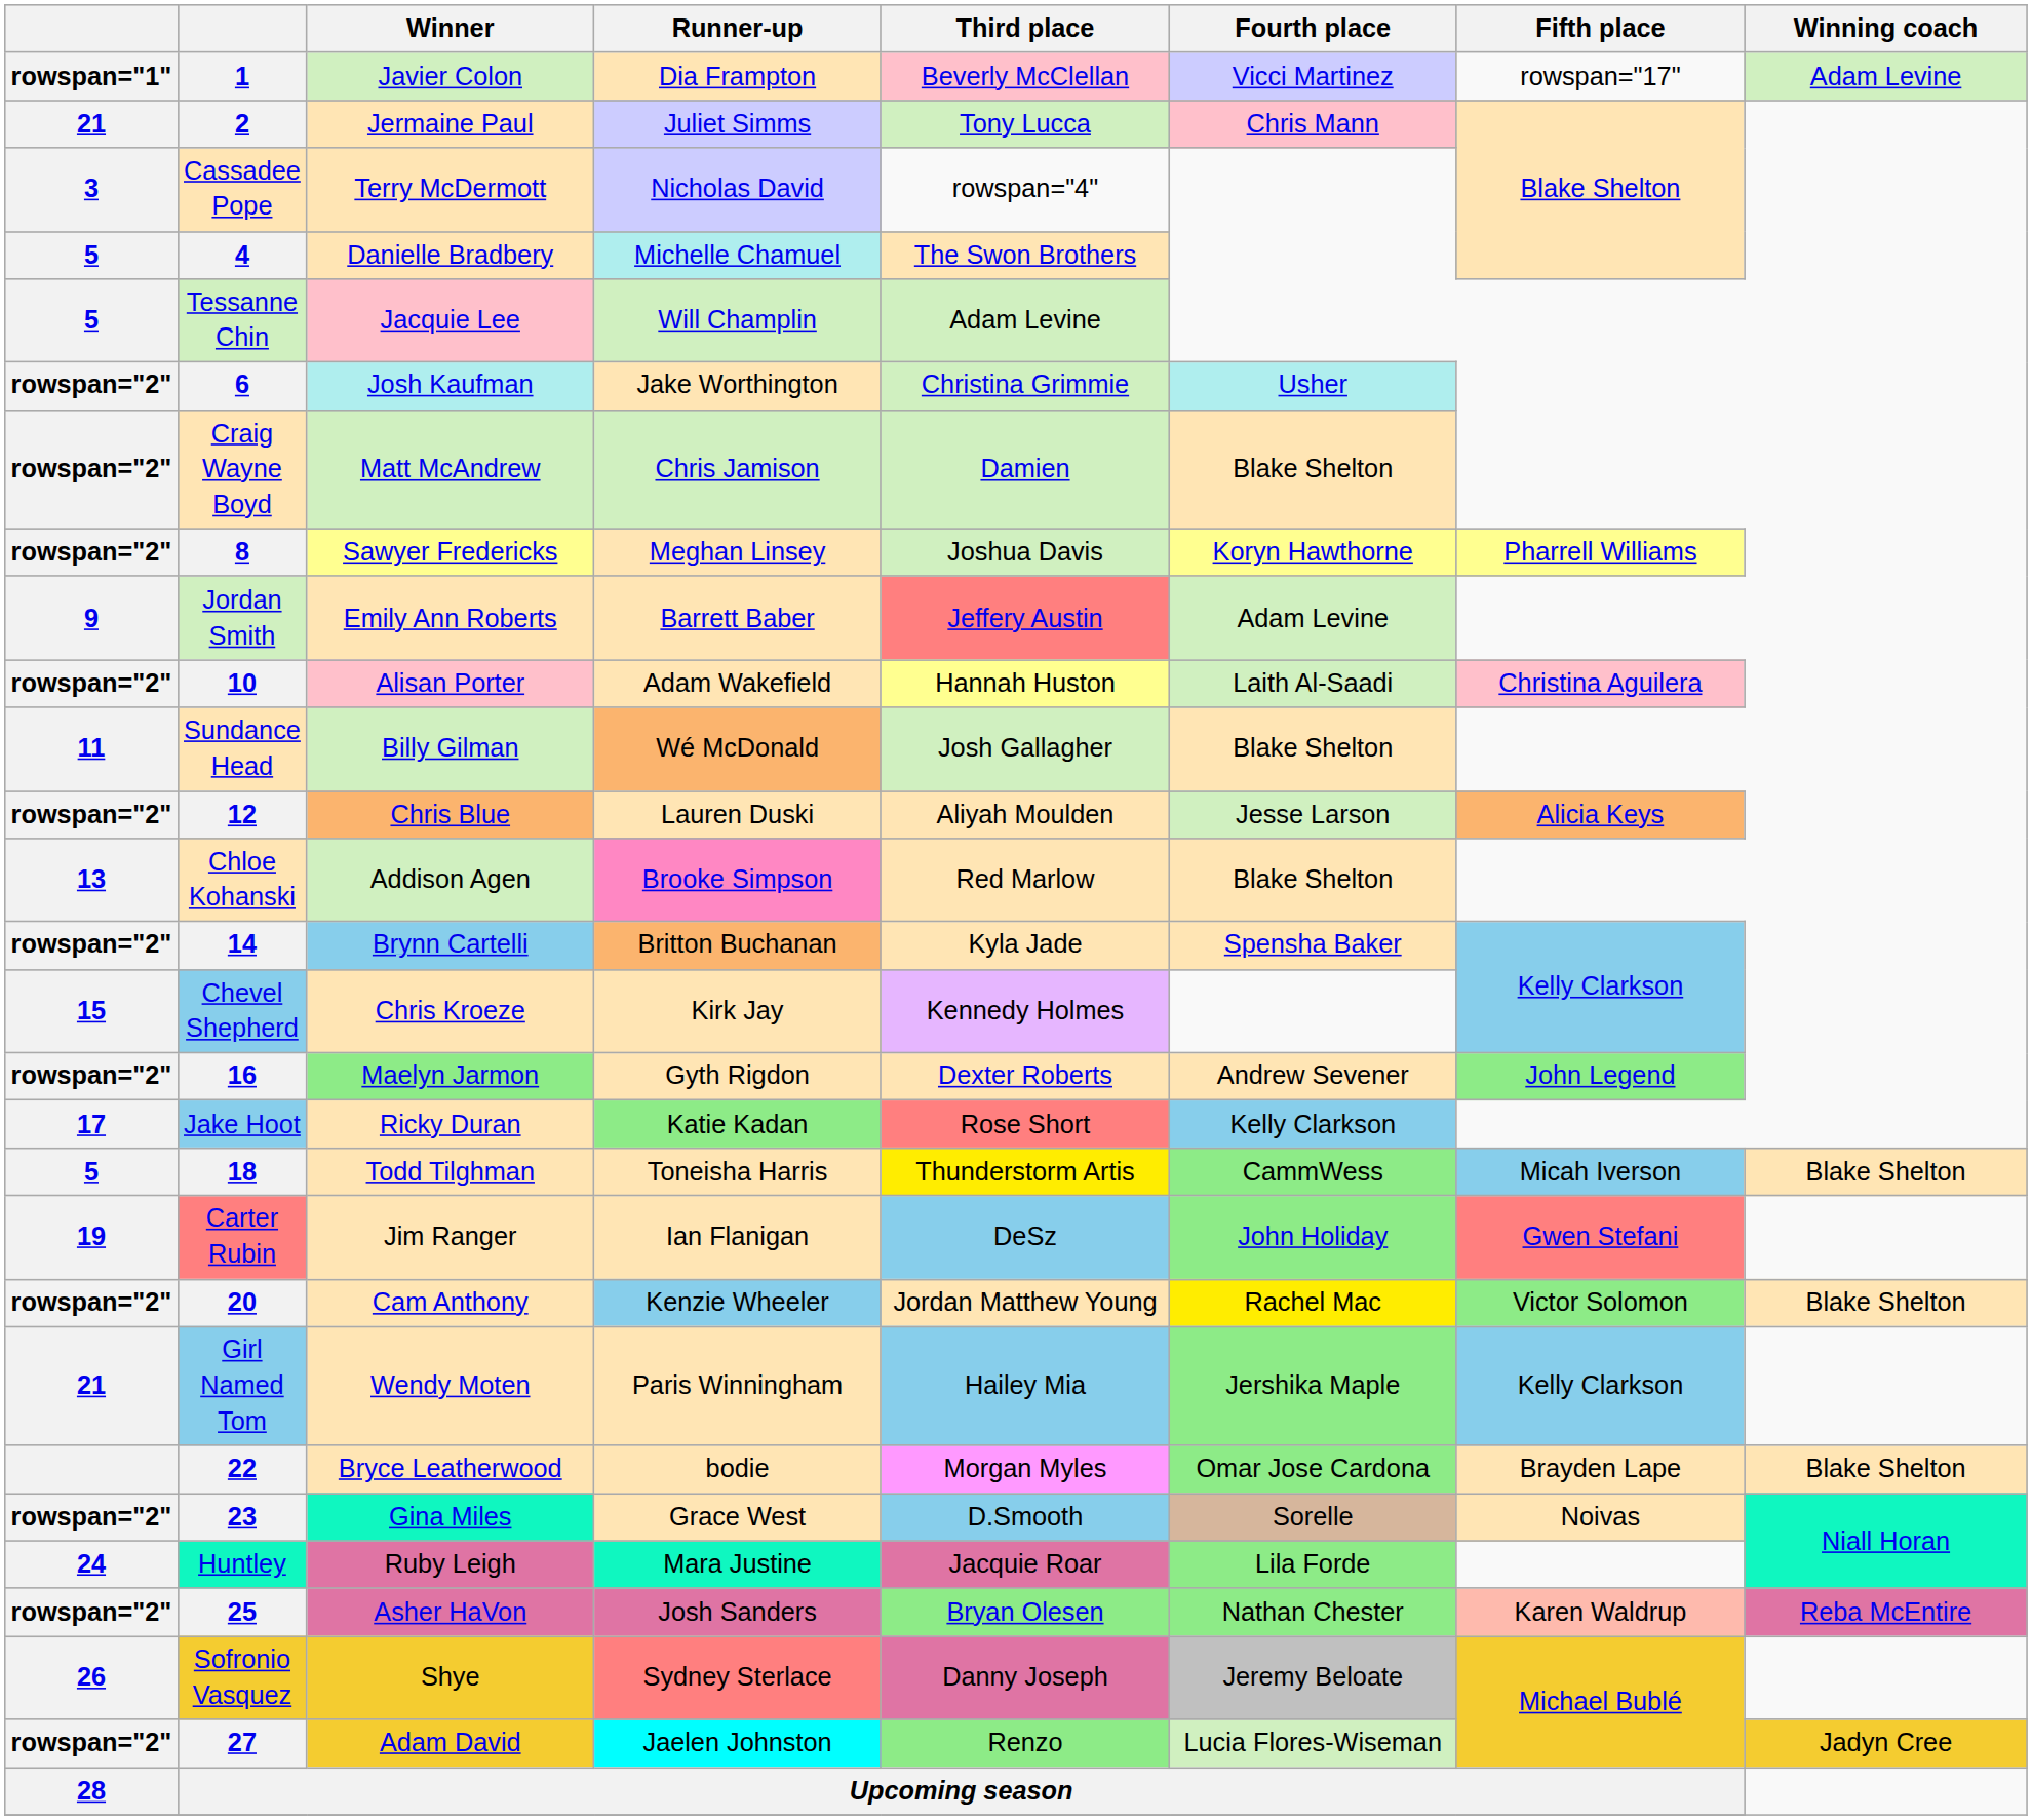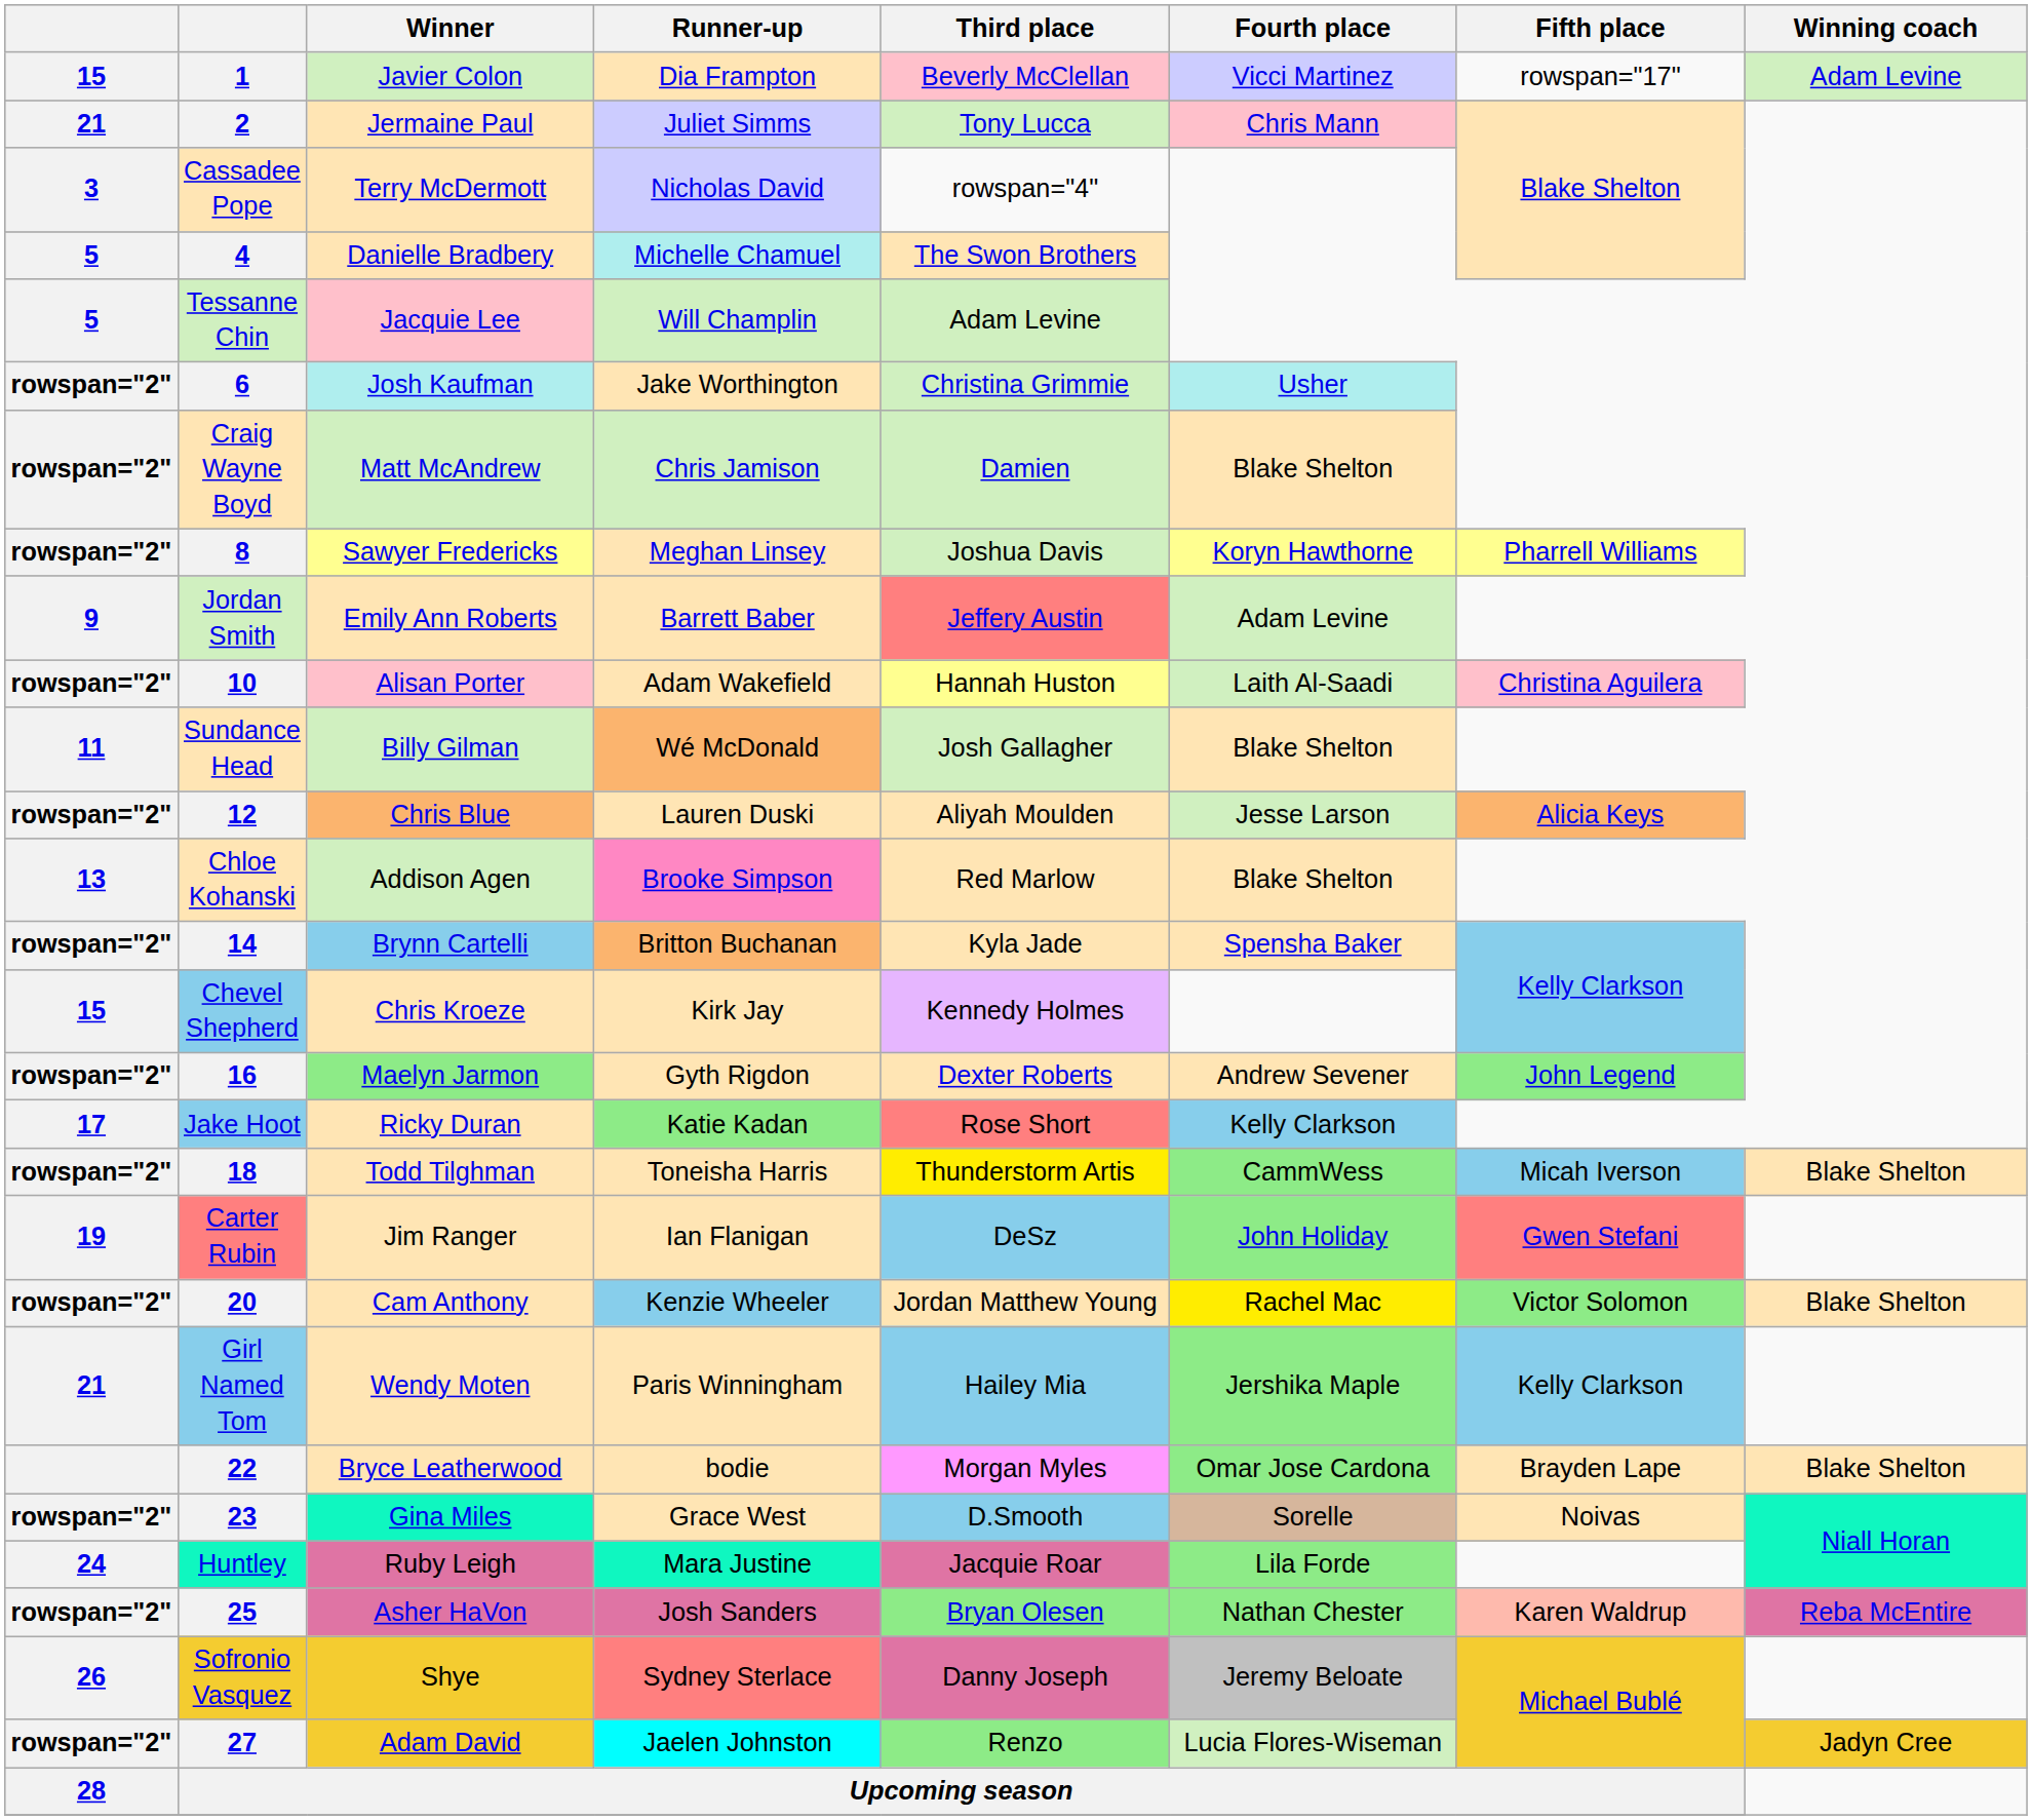 <table class="wikitable nowrap" style="text-align:center; font-size:100%; line-height:22px; width:auto%">
 <tr>
 <th scope="col" style="width:0.5%"></th>
 <th scope="col" style="width:0.5%"></th>
 <th scope="col" style="width:15%">Winner</th>
 <th scope="col" style="width:15%">Runner-up</th>
 <th scope="col" style="width:15%">Third place</th>
 <th scope="col" style="width:15%">Fourth place</th>
 <th scope="col" style="width:15%">Fifth place</th>
 <th scope="col" style="width:15%">Winning coach</th>
 </tr>
 <tr>
-<th>rowspan="1" </th>
+<th><a href='#'>15</a></th>
 <th rowspan="1" scope="row"><a href='#'>1</a></th>
 <td style="background:#d0f0c0"><a href='#'>Javier Colon</a></td>
 <td style="background:#ffe5b4"><a href='#'>Dia Frampton</a></td>
 <td style="background:pink"><a href='#'>Beverly McClellan</a></td>
 <td style="background:#ccccff;"><a href='#'>Vicci Martinez</a></td>
 <td>rowspan="17" </td>
 <td style="background:#d0f0c0"><a href='#'>Adam Levine</a></td>
 </tr>
 <tr>
 <th><a href='#'>21</a></th>
 <th scope="row"><a href='#'>2</a></th>
 <td style="background:#ffe5b4"><a href='#'>Jermaine Paul</a></td>
 <td style="background:#ccccff"><a href='#'>Juliet Simms</a></td>
 <td style="background:#d0f0c0"><a href='#'>Tony Lucca</a></td>
 <td style="background: pink"><a href='#'>Chris Mann</a></td>
 <td rowspan="3" style="background:#FFE5B4"><a href='#'>Blake Shelton</a></td>
 </tr>
 <tr>
 <th scope="row"><a href='#'>3</a></th>
 <td style="background:#ffe5b4"><a href='#'>Cassadee Pope</a></td>
 <td style="background:#ffe5b4"><a href='#'>Terry McDermott</a></td>
 <td style="background:#ccccff"><a href='#'>Nicholas David</a></td>
 <td>rowspan="4" </td>
 </tr>
 <tr>
 <th scope="row"><a href='#'>5</a></th>
 <th scope="row"><a href='#'>4</a></th>
 <td style="background:#ffe5b4"><a href='#'>Danielle Bradbery</a></td>
 <td style="background:#afeeee"><a href='#'>Michelle Chamuel</a></td>
 <td style="background:#ffe5b4"><a href='#'>The Swon Brothers</a></td>
 </tr>
 <tr>
 <th scope="row"><a href='#'>5</a></th>
 <td style="background:#d0f0c0"><a href='#'>Tessanne Chin</a></td>
 <td style="background: pink"><a href='#'>Jacquie Lee</a></td>
 <td style="background:#d0f0c0"><a href='#'>Will Champlin</a></td>
 <td style="background:#d0f0c0">Adam Levine</td>
 </tr>
 <tr>
 <th>rowspan="2" </th>
 <th scope="row"><a href='#'>6</a></th>
 <td style="background:#afeeee"><a href='#'>Josh Kaufman</a></td>
 <td style="background:#ffe5b4">Jake Worthington</td>
 <td style="background:#d0f0c0"><a href='#'>Christina Grimmie</a></td>
 <td style="background:#afeeee"><a href='#'>Usher</a></td>
 </tr>
 <tr>
 <th>rowspan="2" </th>
 <td style="background:#ffe5b4"><a href='#'>Craig Wayne Boyd</a></td>
 <td style="background:#d0f0c0"><a href='#'>Matt McAndrew</a></td>
 <td style="background:#d0f0c0"><a href='#'>Chris Jamison</a></td>
 <td style="background:#d0f0c0"><a href='#'>Damien</a></td>
 <td style="background:#ffe5b4">Blake Shelton</td>
 </tr>
 <tr>
 <th>rowspan="2" </th>
 <th scope="row"><a href='#'>8</a></th>
 <td style="background:#FFFF90"><a href='#'>Sawyer Fredericks</a></td>
 <td style="background:#ffe5b4"><a href='#'>Meghan Linsey</a></td>
 <td style="background:#d0f0c0">Joshua Davis</td>
 <td style="background:#FFFF90"><a href='#'>Koryn Hawthorne</a></td>
 <td style="background:#FFFF90"><a href='#'>Pharrell Williams</a></td>
 </tr>
 <tr>
 <th scope="row"><a href='#'>9</a></th>
 <td style="background:#d0f0c0"><a href='#'>Jordan Smith</a></td>
 <td style="background:#ffe5b4"><a href='#'>Emily Ann Roberts</a></td>
 <td style="background:#ffe5b4"><a href='#'>Barrett Baber</a></td>
 <td style="background:#FF7F7F"><a href='#'>Jeffery Austin</a></td>
 <td style="background:#d0f0c0">Adam Levine</td>
 </tr>
 <tr>
 <th>rowspan="2" </th>
 <th><a href='#'>10</a></th>
 <td style="background:pink"><a href='#'>Alisan Porter</a></td>
 <td style="background:#ffe5b4">Adam Wakefield</td>
 <td style="background:#FFFF90">Hannah Huston</td>
 <td style="background:#d0f0c0">Laith Al-Saadi</td>
 <td style="background:pink"><a href='#'>Christina Aguilera</a></td>
 </tr>
 <tr>
 <th><a href='#'>11</a></th>
 <td style="background:#ffe5b4"><a href='#'>Sundance Head</a></td>
 <td style="background:#d0f0c0"><a href='#'>Billy Gilman</a></td>
 <td style="background:#fbb46e">Wé McDonald</td>
 <td style="background:#d0f0c0">Josh Gallagher</td>
 <td style="background:#ffe5b4">Blake Shelton</td>
 </tr>
 <tr>
 <th>rowspan="2" </th>
 <th><a href='#'>12</a></th>
 <td style="background:#fbb46e"><a href='#'>Chris Blue</a></td>
 <td style="background:#ffe5b4">Lauren Duski</td>
 <td style="background:#ffe5b4">Aliyah Moulden</td>
 <td style="background:#d0f0c0">Jesse Larson</td>
 <td style="background:#fbb46e"><a href='#'>Alicia Keys</a></td>
 </tr>
 <tr>
 <th><a href='#'>13</a></th>
 <td style="background:#ffe5b4"><a href='#'>Chloe Kohanski</a></td>
 <td style="background:#d0f0c0">Addison Agen</td>
 <td style="background:#FF87C3"><a href='#'>Brooke Simpson</a></td>
 <td style="background:#ffe5b4">Red Marlow</td>
 <td style="background:#ffe5b4">Blake Shelton</td>
 </tr>
 <tr>
 <th>rowspan="2" </th>
 <th><a href='#'>14</a></th>
 <td style="background:#87ceeb"><a href='#'>Brynn Cartelli</a></td>
 <td style="background:#fbb46e">Britton Buchanan</td>
 <td style="background:#ffe5b4">Kyla Jade</td>
 <td style="background:#ffe5b4"><a href='#'>Spensha Baker</a></td>
 <td style="background:#87CEEB" rowspan="2"><a href='#'>Kelly Clarkson</a></td>
 </tr>
 <tr>
 <th><a href='#'>15</a></th>
 <td style="background:#87ceeb"><a href='#'>Chevel Shepherd</a></td>
 <td style="background:#ffe5b4"><a href='#'>Chris Kroeze</a></td>
 <td style="background:#ffe5b4">Kirk Jay</td>
 <td style="background:#E6B6FF">Kennedy Holmes</td>
 </tr>
 <tr>
 <th>rowspan="2" </th>
 <th><a href='#'>16</a></th>
 <td style="background:#8deb87"><a href='#'>Maelyn Jarmon</a></td>
 <td style="background:#ffe5b4">Gyth Rigdon</td>
 <td style="background:#ffe5b4"><a href='#'>Dexter Roberts</a></td>
 <td style="background:#ffe5b4">Andrew Sevener</td>
 <td style="background:#8deb87"><a href='#'>John Legend</a></td>
 </tr>
 <tr>
 <th><a href='#'>17</a></th>
 <td style="background:#87ceeb"><a href='#'>Jake Hoot</a></td>
 <td style="background:#ffe5b4"><a href='#'>Ricky Duran</a></td>
 <td style="background:#8deb87">Katie Kadan</td>
 <td style="background:#FF7F7F">Rose Short</td>
 <td style="background:#87ceeb">Kelly Clarkson</td>
 </tr>
 <tr>
-<th scope="row"><a href='#'>5</a></th>
+<th>rowspan="2" </th>
 <th><a href='#'>18</a></th>
 <td style="background:#ffe5b4"><a href='#'>Todd Tilghman</a></td>
 <td style="background:#ffe5b4">Toneisha Harris</td>
 <td style="background:#FFED00">Thunderstorm Artis</td>
 <td style="background:#8deb87">CammWess</td>
 <td style="background:#87ceeb">Micah Iverson</td>
 <td style="background:#ffe5b4">Blake Shelton</td>
 </tr>
 <tr>
 <th><a href='#'>19</a></th>
 <td style="background:#FF7F7F"><a href='#'>Carter Rubin</a></td>
 <td style="background:#ffe5b4">Jim Ranger</td>
 <td style="background:#ffe5b4">Ian Flanigan</td>
 <td style="background:#87ceeb">DeSz</td>
 <td style="background:#8deb87"><a href='#'>John Holiday</a></td>
 <td style="background:#FF7F7F"><a href='#'>Gwen Stefani</a></td>
 </tr>
 <tr>
 <th>rowspan="2" </th>
 <th><a href='#'>20</a></th>
 <td style="background:#ffe5b4"><a href='#'>Cam Anthony</a></td>
 <td style="background:#87ceeb">Kenzie Wheeler</td>
 <td style="background:#ffe5b4">Jordan Matthew Young</td>
 <td style="background:#FFED00">Rachel Mac</td>
 <td style="background:#8deb87">Victor Solomon</td>
 <td style="background:#ffe5b4">Blake Shelton</td>
 </tr>
 <tr>
 <th><a href='#'>21</a></th>
 <td style="background:#87ceeb"><a href='#'>Girl Named Tom</a></td>
 <td style="background:#ffe5b4"><a href='#'>Wendy Moten</a></td>
 <td style="background:#ffe5b4">Paris Winningham</td>
 <td style="background:#87ceeb">Hailey Mia</td>
 <td style="background:#8deb87">Jershika Maple</td>
 <td style="background:#87ceeb">Kelly Clarkson</td>
 </tr>
 <tr>
 <th></th>
 <th><a href='#'>22</a></th>
 <td style="background:#ffe5b4"><a href='#'>Bryce Leatherwood</a></td>
 <td style="background:#ffe5b4">bodie</td>
 <td style="background:#FF99FF">Morgan Myles</td>
 <td style="background:#8deb87">Omar Jose Cardona</td>
 <td style="background:#ffe5b4">Brayden Lape</td>
 <td style="background:#ffe5b4">Blake Shelton</td>
 </tr>
 <tr>
 <th>rowspan="2" </th>
 <th><a href='#'>23</a></th>
 <td style="background:#0ff7c0"><a href='#'>Gina Miles</a></td>
 <td style="background:#ffe5b4">Grace West</td>
 <td style="background:#87ceeb">D.Smooth</td>
 <td style="background:#d6b69c">Sorelle</td>
 <td style="background:#ffe5b4">Noivas</td>
 <td style="background:#0ff7c0" rowspan="2"><a href='#'>Niall Horan</a></td>
 </tr>
 <tr>
 <th><a href='#'>24</a></th>
 <td style="background:#0ff7c0"><a href='#'>Huntley</a></td>
 <td style="background:#df74a4">Ruby Leigh</td>
 <td style="background:#0ff7c0">Mara Justine</td>
 <td style="background:#df74a4">Jacquie Roar</td>
 <td style="background:#8deb87">Lila Forde</td>
 </tr>
 <tr>
 <th>rowspan="2" </th>
 <th><a href='#'>25</a></th>
 <td style="background:#df74a4"><a href='#'>Asher HaVon</a></td>
 <td style="background:#df74a4">Josh Sanders</td>
 <td style="background:#8deb87"><a href='#'>Bryan Olesen</a></td>
 <td style="background:#8deb87">Nathan Chester</td>
 <td style="background:#febaad">Karen Waldrup</td>
 <td style="background:#df74a4"><a href='#'>Reba McEntire</a></td>
 </tr>
 <tr>
 <th><a href='#'>26</a></th>
 <td style="background:#F4CC30"><a href='#'>Sofronio Vasquez</a></td>
 <td style="background:#F4CC30">Shye</td>
 <td style="background:#FF7F7F">Sydney Sterlace</td>
 <td style="background:#df74a4">Danny Joseph</td>
 <td style="background:#c0c0c0">Jeremy Beloate</td>
 <td rowspan="2" style="background:#F4CC30"><a href='#'>Michael Bublé</a></td>
 </tr>
 <tr>
 <th>rowspan="2" </th>
 <th><a href='#'>27</a></th>
 <td style="background:#F4CC30"><a href='#'>Adam David</a></td>
 <td style="background:#00FFFF">Jaelen Johnston</td>
 <td style="background:#8deb87">Renzo</td>
 <td style="background:#d0f0c0">Lucia Flores-Wiseman</td>
 <td style="background:#F4CC30">Jadyn Cree</td>
 </tr>
 <tr>
 <th><a href='#'>28</a></th>
 <th colspan="6"><em>Upcoming season</em></th>
 </tr>
 <tr>
 </tr>
 </table>
